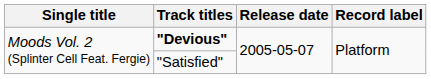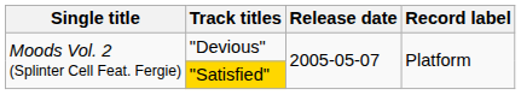 <table class="wikitable">
 <tr>
 <th>Single title</th>
 <th>Track titles</th>
 <th>Release date</th>
 <th>Record label</th>
 </tr>
 <tr>
 <td rowspan="2"><em>Moods Vol. 2</em><br><small>(Splinter Cell Feat. Fergie)</small></td>
-<td><strong>"Devious"</strong></td>
+<td>"Devious"</td>
 <td rowspan="2">2005-05-07</td>
 <td rowspan="2">Platform</td>
 </tr>
 <tr>
-<td>"Satisfied"</td>
+<td style="background: gold;">"Satisfied"</td>
 </tr>
 </table>
